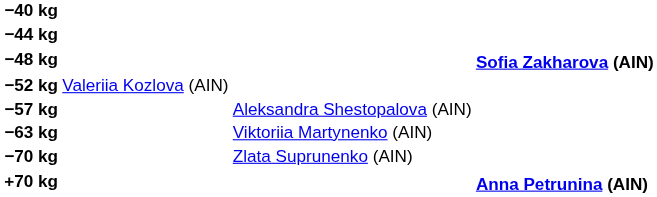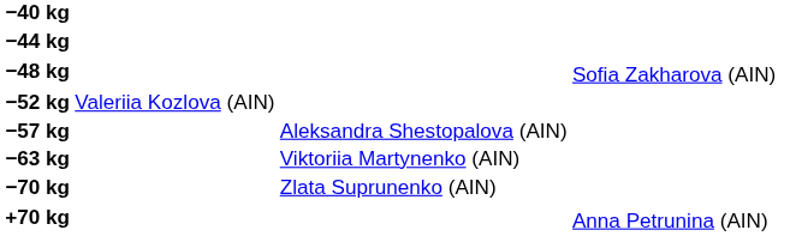 <table>
 <tr>
 <th rowspan=2>−40 kg</th>
 <td rowspan=2></td>
 <td rowspan=2></td>
 <td></td>
 </tr>
 <tr>
 <td></td>
 </tr>
 <tr>
 <th rowspan=2>−44 kg</th>
 <td rowspan=2></td>
 <td rowspan=2></td>
 <td></td>
 </tr>
 <tr>
 <td></td>
 </tr>
 <tr>
 <th rowspan=2>−48 kg</th>
 <td rowspan=2></td>
 <td rowspan=2></td>
 <td></td>
 </tr>
 <tr>
-<td><strong> <a href='#'>Sofia Zakharova</a> <span>(<abbr>AIN</abbr>)</span></strong></td>
+<td> <a href='#'>Sofia Zakharova</a> <span>(<abbr>AIN</abbr>)</span></td>
 </tr>
 <tr>
 <th rowspan=2>−52 kg</th>
 <td rowspan=2> <a href='#'>Valeriia Kozlova</a> <span>(<abbr>AIN</abbr>)</span></td>
 <td rowspan=2></td>
 <td></td>
 </tr>
 <tr>
 <td></td>
 </tr>
 <tr>
 <th rowspan=2>−57 kg</th>
 <td rowspan=2></td>
 <td rowspan=2> <a href='#'>Aleksandra Shestopalova</a> <span>(<abbr>AIN</abbr>)</span></td>
 <td></td>
 </tr>
 <tr>
 <td></td>
 </tr>
 <tr>
 <th rowspan=2>−63 kg</th>
 <td rowspan=2></td>
 <td rowspan=2> <a href='#'>Viktoriia Martynenko</a> <span>(<abbr>AIN</abbr>)</span></td>
 <td></td>
 </tr>
 <tr>
 <td></td>
 </tr>
 <tr>
 <th rowspan=2>−70 kg</th>
 <td rowspan=2></td>
 <td rowspan=2> <a href='#'>Zlata Suprunenko</a> <span>(<abbr>AIN</abbr>)</span></td>
 <td></td>
 </tr>
 <tr>
 <td></td>
 </tr>
 <tr>
 <th rowspan=2>+70 kg</th>
 <td rowspan=2></td>
 <td rowspan=2></td>
 <td></td>
 </tr>
 <tr>
-<td><strong> <a href='#'>Anna Petrunina</a> <span>(<abbr>AIN</abbr>)</span></strong></td>
+<td> <a href='#'>Anna Petrunina</a> <span>(<abbr>AIN</abbr>)</span></td>
 </tr>
 </table>
